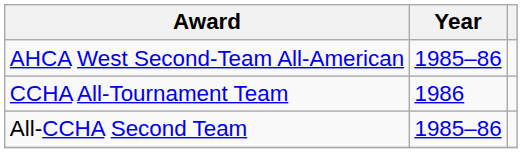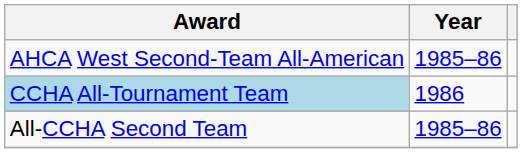 <table class="wikitable">
 <tr>
 <th>Award</th>
 <th>Year</th>
 <th></th>
 </tr>
 <tr>
 <td><a href='#'>AHCA</a> <a href='#'>West Second-Team All-American</a></td>
 <td><a href='#'>1985–86</a></td>
 <td></td>
 </tr>
 <tr>
-<td><a href='#'>CCHA</a> <a href='#'>All-Tournament Team</a></td>
+<td style="background: lightblue;"><a href='#'>CCHA</a> <a href='#'>All-Tournament Team</a></td>
 <td><a href='#'>1986</a></td>
 <td></td>
 </tr>
 <tr>
 <td>All-<a href='#'>CCHA</a> <a href='#'>Second Team</a></td>
 <td><a href='#'>1985–86</a></td>
 <td></td>
 </tr>
 <tr>
 </tr>
 </table>
